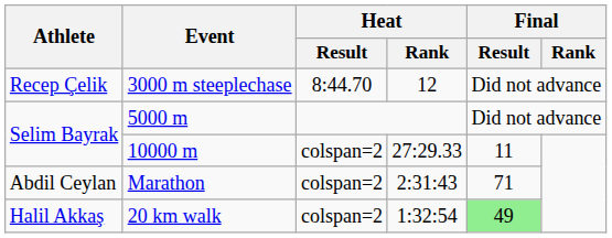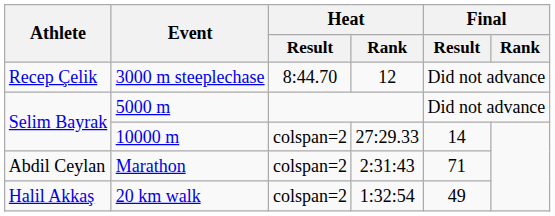 <table class="wikitable" style="font-size:90%">
 <tr>
 <th rowspan="2">Athlete</th>
 <th rowspan="2">Event</th>
 <th colspan="2">Heat</th>
 <th colspan="2">Final</th>
 </tr>
 <tr style="font-size:95%">
 <th>Result</th>
 <th>Rank</th>
 <th>Result</th>
 <th>Rank</th>
 </tr>
 <tr align=center>
 <td align="left"><a href='#'>Recep Çelik</a></td>
 <td align=left><a href='#'>3000 m steeplechase</a></td>
 <td>8:44.70</td>
 <td>12</td>
 <td colspan=2>Did not advance</td>
 </tr>
 <tr align=center>
 <td align=left rowspan=2><a href='#'>Selim Bayrak</a></td>
 <td align=left><a href='#'>5000 m</a></td>
 <td colspan=2></td>
 <td colspan=2>Did not advance</td>
 </tr>
 <tr align=center>
 <td align=left><a href='#'>10000 m</a></td>
 <td>colspan=2 </td>
 <td>27:29.33</td>
-<td>11</td>
+<td>14</td>
 </tr>
 <tr align=center>
 <td align="left">Abdil Ceylan</td>
 <td align="left"><a href='#'>Marathon</a></td>
 <td>colspan=2 </td>
 <td>2:31:43</td>
 <td>71</td>
 </tr>
 <tr align=center>
 <td align=left><a href='#'>Halil Akkaş</a></td>
 <td align="left"><a href='#'>20 km walk</a></td>
 <td>colspan=2 </td>
 <td>1:32:54</td>
-<td style="background: lightgreen;">49</td>
+<td>49</td>
 </tr>
 </table>
